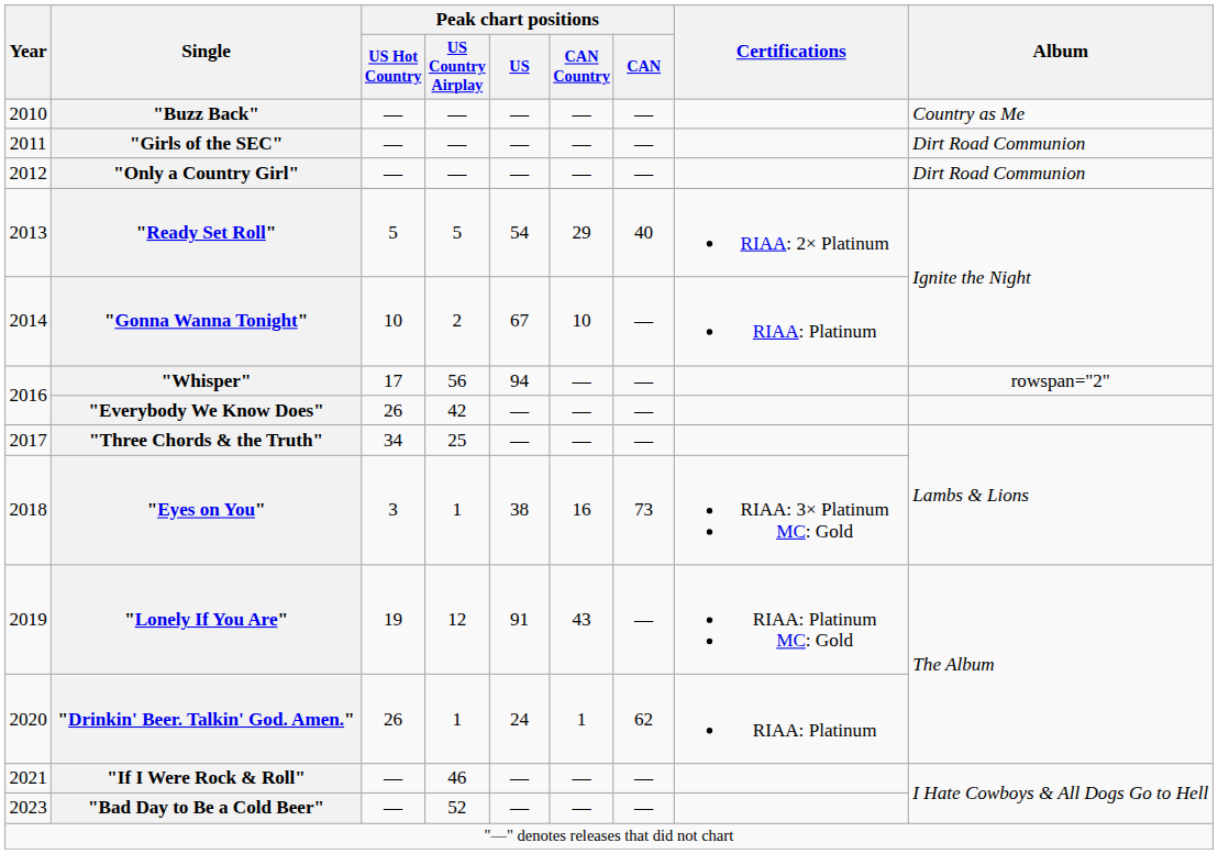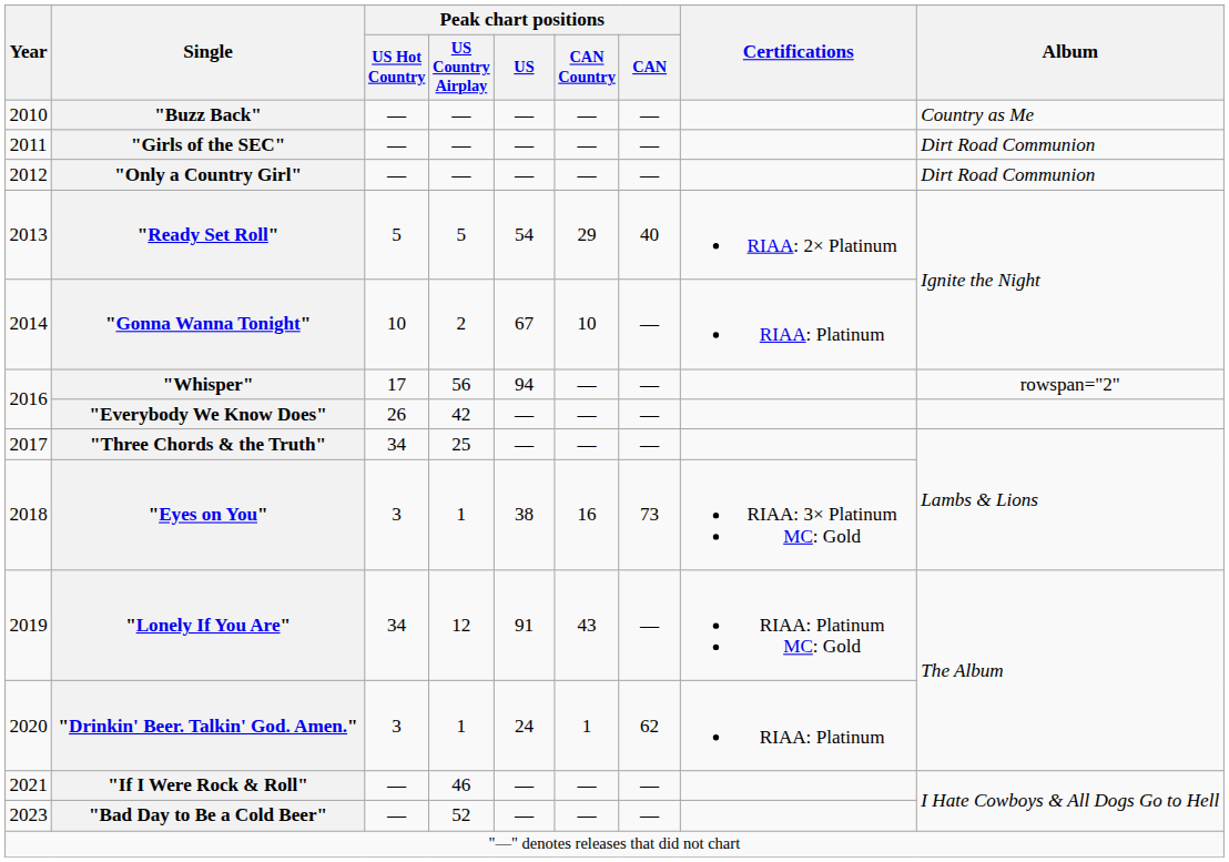 <table class="wikitable plainrowheaders" style="text-align:center;">
 <tr>
 <th rowspan="2">Year</th>
 <th rowspan="2" style="width:16em;">Single</th>
 <th colspan="5">Peak chart positions</th>
 <th scope="col" rowspan="2" style="width:12em;"><a href='#'>Certifications</a><br></th>
 <th rowspan="2">Album</th>
 </tr>
 <tr style="font-size:smaller;">
 <th style="width:45px;"><a href='#'>US Hot Country</a><br></th>
 <th style="width:45px;"><a href='#'>US Country Airplay</a><br></th>
 <th style="width:45px;"><a href='#'>US</a><br></th>
 <th style="width:45px;"><a href='#'>CAN Country</a><br></th>
 <th style="width:45px;"><a href='#'>CAN</a><br></th>
 </tr>
 <tr>
 <td>2010</td>
 <th scope="row">"Buzz Back"</th>
 <td>—</td>
 <td>—</td>
 <td>—</td>
 <td>—</td>
 <td>—</td>
 <td></td>
 <td style="text-align:left;"><em>Country as Me</em></td>
 </tr>
 <tr>
 <td>2011</td>
 <th scope="row">"Girls of the SEC"</th>
 <td>—</td>
 <td>—</td>
 <td>—</td>
 <td>—</td>
 <td>—</td>
 <td></td>
 <td align="left"><em>Dirt Road Communion</em></td>
 </tr>
 <tr>
 <td>2012</td>
 <th scope="row">"Only a Country Girl"</th>
 <td>—</td>
 <td>—</td>
 <td>—</td>
 <td>—</td>
 <td>—</td>
 <td></td>
 <td align="left"><em>Dirt Road Communion</em></td>
 </tr>
 <tr>
 <td>2013</td>
 <th scope="row">"<a href='#'>Ready Set Roll</a>"</th>
 <td>5</td>
 <td>5</td>
 <td>54</td>
 <td>29</td>
 <td>40</td>
 <td><br><ul><li><a href='#'>RIAA</a>: 2× Platinum</li></ul></td>
 <td style="text-align:left;" rowspan="2"><em>Ignite the Night</em></td>
 </tr>
 <tr>
 <td>2014</td>
 <th scope="row">"<a href='#'>Gonna Wanna Tonight</a>"</th>
 <td>10</td>
 <td>2</td>
 <td>67</td>
 <td>10</td>
 <td>—</td>
 <td><br><ul><li><a href='#'>RIAA</a>: Platinum</li></ul></td>
 </tr>
 <tr>
 <td rowspan="2">2016</td>
 <th scope="row">"Whisper"</th>
 <td>17</td>
 <td>56</td>
 <td>94</td>
 <td>—</td>
 <td>—</td>
 <td></td>
 <td>rowspan="2" </td>
 </tr>
 <tr>
 <th scope="row">"Everybody We Know Does"</th>
 <td>26</td>
 <td>42</td>
 <td>—</td>
 <td>—</td>
 <td>—</td>
 <td></td>
 </tr>
 <tr>
 <td>2017</td>
 <th scope="row">"Three Chords & the Truth"</th>
 <td>34</td>
 <td>25</td>
 <td>—</td>
 <td>—</td>
 <td>—</td>
 <td></td>
 <td style="text-align:left;" rowspan="2"><em>Lambs & Lions</em></td>
 </tr>
 <tr>
 <td>2018</td>
 <th scope="row">"<a href='#'>Eyes on You</a>"</th>
 <td>3</td>
 <td>1</td>
 <td>38</td>
 <td>16</td>
 <td>73</td>
 <td><br><ul><li>RIAA: 3× Platinum</li><li><a href='#'>MC</a>: Gold</li></ul></td>
 </tr>
 <tr>
 <td>2019</td>
 <th scope="row">"<a href='#'>Lonely If You Are</a>"</th>
-<td>19</td>
+<td>34</td>
 <td>12</td>
 <td>91</td>
 <td>43</td>
 <td>—</td>
 <td><br><ul><li>RIAA: Platinum</li><li><a href='#'>MC</a>: Gold</li></ul></td>
 <td rowspan="2" style="text-align:left;"><em>The Album</em></td>
 </tr>
 <tr>
 <td>2020</td>
 <th scope="row">"<a href='#'>Drinkin' Beer. Talkin' God. Amen.</a>" </th>
-<td>26</td>
+<td>3</td>
 <td>1</td>
 <td>24</td>
 <td>1</td>
 <td>62</td>
 <td><br><ul><li>RIAA: Platinum</li></ul></td>
 </tr>
 <tr>
 <td>2021</td>
 <th scope="row">"If I Were Rock & Roll"</th>
 <td>—</td>
 <td>46</td>
 <td>—</td>
 <td>—</td>
 <td>—</td>
 <td></td>
 <td style="text-align:left;" rowspan="2"><em>I Hate Cowboys & All Dogs Go to Hell</em></td>
 </tr>
 <tr>
 <td>2023</td>
 <th scope="row">"Bad Day to Be a Cold Beer"</th>
 <td>—</td>
 <td>52</td>
 <td>—</td>
 <td>—</td>
 <td>—</td>
 <td></td>
 </tr>
 <tr>
 <td colspan="10" style="font-size:85%">"—" denotes releases that did not chart</td>
 </tr>
 </table>
